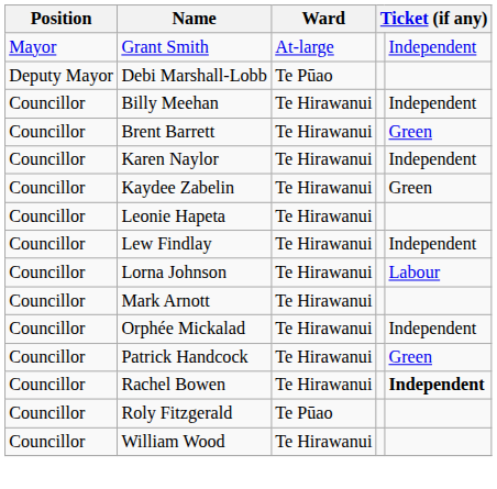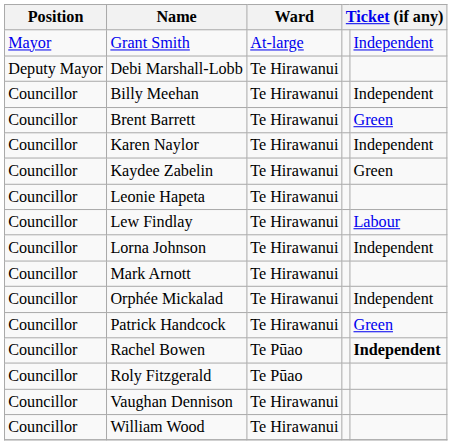 <table class="wikitable">
 <tr>
 <th>Position</th>
 <th>Name</th>
 <th>Ward</th>
 <th colspan="2"><a href='#'>Ticket</a> (if any)</th>
 </tr>
 <tr>
 <td><a href='#'>Mayor</a></td>
 <td><a href='#'>Grant Smith</a></td>
 <td><a href='#'>At-large</a></td>
 <td></td>
 <td><a href='#'>Independent</a></td>
 </tr>
 <tr>
 <td>Deputy Mayor</td>
 <td>Debi Marshall-Lobb</td>
-<td>Te Pūao</td>
+<td>Te Hirawanui</td>
 <td></td>
 <td></td>
 </tr>
 <tr>
 <td>Councillor</td>
 <td>Billy Meehan</td>
 <td>Te Hirawanui</td>
 <td></td>
 <td>Independent</td>
 </tr>
 <tr>
 <td>Councillor</td>
 <td>Brent Barrett</td>
 <td>Te Hirawanui</td>
 <td></td>
 <td><a href='#'>Green</a></td>
 </tr>
 <tr>
 <td>Councillor</td>
 <td>Karen Naylor</td>
 <td>Te Hirawanui</td>
 <td></td>
 <td>Independent</td>
 </tr>
 <tr>
 <td>Councillor</td>
 <td>Kaydee Zabelin</td>
 <td>Te Hirawanui</td>
 <td></td>
 <td>Green</td>
 </tr>
 <tr>
 <td>Councillor</td>
 <td>Leonie Hapeta</td>
 <td>Te Hirawanui</td>
 <td></td>
 <td></td>
 </tr>
 <tr>
 <td>Councillor</td>
 <td>Lew Findlay</td>
 <td>Te Hirawanui</td>
 <td></td>
-<td>Independent</td>
+<td><a href='#'>Labour</a></td>
 </tr>
 <tr>
 <td>Councillor</td>
 <td>Lorna Johnson</td>
 <td>Te Hirawanui</td>
 <td></td>
-<td><a href='#'>Labour</a></td>
+<td>Independent</td>
 </tr>
 <tr>
 <td>Councillor</td>
 <td>Mark Arnott</td>
 <td>Te Hirawanui</td>
 <td></td>
 <td></td>
 </tr>
 <tr>
 <td>Councillor</td>
 <td>Orphée Mickalad</td>
 <td>Te Hirawanui</td>
 <td></td>
 <td>Independent</td>
 </tr>
 <tr>
 <td>Councillor</td>
 <td>Patrick Handcock</td>
 <td>Te Hirawanui</td>
 <td></td>
 <td><a href='#'>Green</a></td>
 </tr>
 <tr>
 <td>Councillor</td>
 <td>Rachel Bowen</td>
-<td>Te Hirawanui</td>
+<td>Te Pūao</td>
 <td></td>
 <td><strong>Independent</strong></td>
 </tr>
 <tr>
 <td>Councillor</td>
 <td>Roly Fitzgerald</td>
 <td>Te Pūao</td>
+<td></td>
+<td></td>
+</tr>
+<tr>
+<td>Councillor</td>
+<td>Vaughan Dennison</td>
+<td>Te Hirawanui</td>
 <td></td>
 <td></td>
 </tr>
 <tr>
 <td>Councillor</td>
 <td>William Wood</td>
 <td>Te Hirawanui</td>
 <td></td>
 <td></td>
 </tr>
 <tr>
 </tr>
 </table>
